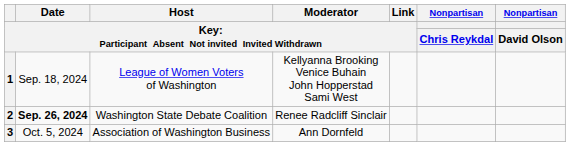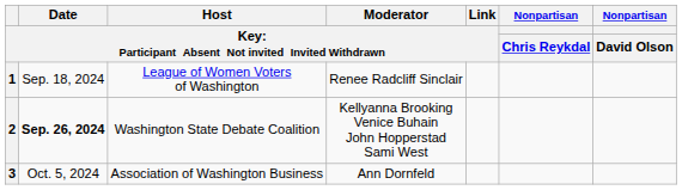 <table class="wikitable" style="text-align:center;">
 <tr>
 <th scope="col"></th>
 <th scope="col">Date</th>
 <th scope="col">Host</th>
 <th scope="col">Moderator</th>
 <th scope="col">Link</th>
 <th scope="col"><small><a href='#'>Nonpartisan</a></small></th>
 <th scope="col"><small><a href='#'>Nonpartisan</a></small></th>
 </tr>
 <tr>
 <th colspan="5" rowspan="2">Key:<br> <small>Participant </small>  <small>Absent </small>  <small>Not invited </small>  <small>Invited  Withdrawn</small></th>
 <th scope="col" style="background:"></th>
 <th scope="col" style="background:"></th>
 </tr>
 <tr>
 <th scope="col"><a href='#'>Chris Reykdal</a></th>
 <th scope="col">David Olson</th>
 </tr>
 <tr>
 <th>1</th>
 <td style="white-space:nowrap;">Sep. 18, 2024</td>
 <td style="white-space:nowrap;"><a href='#'>League of Women Voters</a><br>of Washington</td>
-<td style="white-space:nowrap;">Kellyanna Brooking<br>Venice Buhain<br>John Hopperstad<br>Sami West</td>
+<td style="white-space:nowrap;">Renee Radcliff Sinclair</td>
 <td style="white-space:nowrap;"></td>
 <td></td>
 <td></td>
 </tr>
 <tr>
 <th>2</th>
 <td style="white-space:nowrap;"><strong>Sep. 26, 2024</strong></td>
 <td style="white-space:nowrap;">Washington State Debate Coalition</td>
-<td style="white-space:nowrap;">Renee Radcliff Sinclair</td>
+<td style="white-space:nowrap;">Kellyanna Brooking<br>Venice Buhain<br>John Hopperstad<br>Sami West</td>
 <td style="white-space:nowrap;"></td>
 <td></td>
 <td></td>
 </tr>
 <tr>
 <th>3</th>
 <td style="white-space:nowrap;">Oct. 5, 2024</td>
 <td style="white-space:nowrap;">Association of Washington Business</td>
 <td style="white-space:nowrap;">Ann Dornfeld</td>
 <td style="white-space:nowrap;"></td>
 <td></td>
 <td></td>
 </tr>
 </table>
